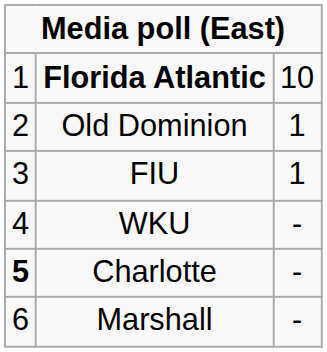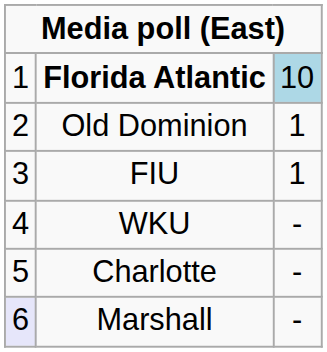 <table class="wikitable">
 <tr align="center">
 <td align="center" Colspan="3"><strong>Media poll (East)</strong></td>
 </tr>
 <tr align="center">
 </tr>
 <tr align="center">
 <td>1</td>
 <td><strong>Florida Atlantic</strong></td>
-<td>10</td>
+<td style="background: lightblue;">10</td>
 </tr>
 <tr align="center">
 <td>2</td>
 <td>Old Dominion</td>
 <td>1</td>
 </tr>
 <tr align="center">
 <td>3</td>
 <td>FIU</td>
 <td>1</td>
 </tr>
 <tr align="center">
 <td>4</td>
 <td>WKU</td>
 <td>-</td>
 </tr>
 <tr align="center">
-<td><strong>5</strong></td>
+<td>5</td>
 <td>Charlotte</td>
 <td>-</td>
 </tr>
 <tr align="center">
-<td>6</td>
+<td style="background: lavender;">6</td>
 <td>Marshall</td>
 <td>-</td>
 </tr>
 </table>
